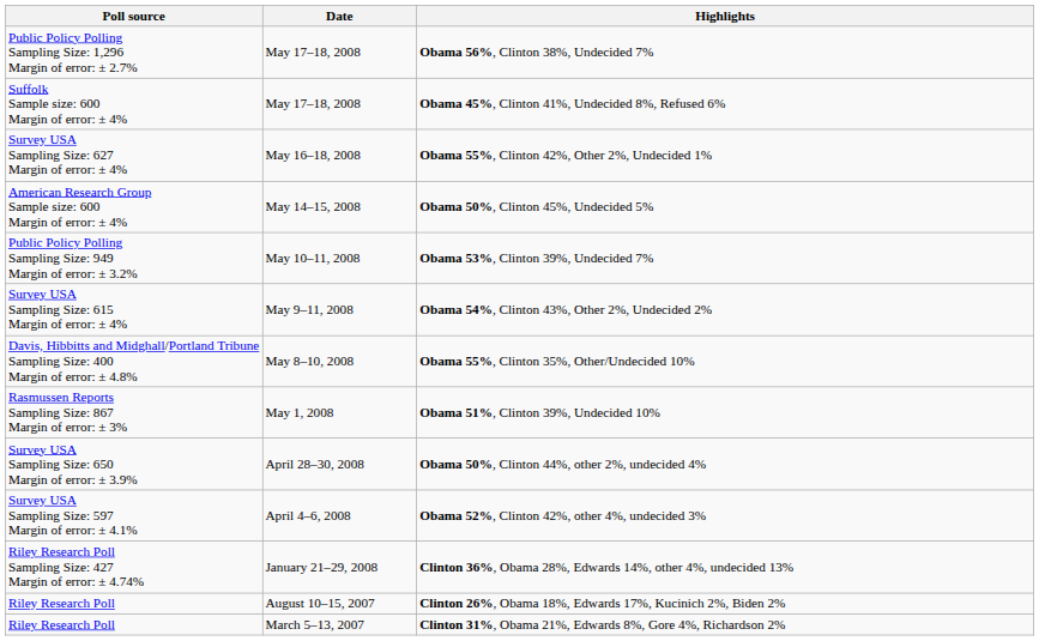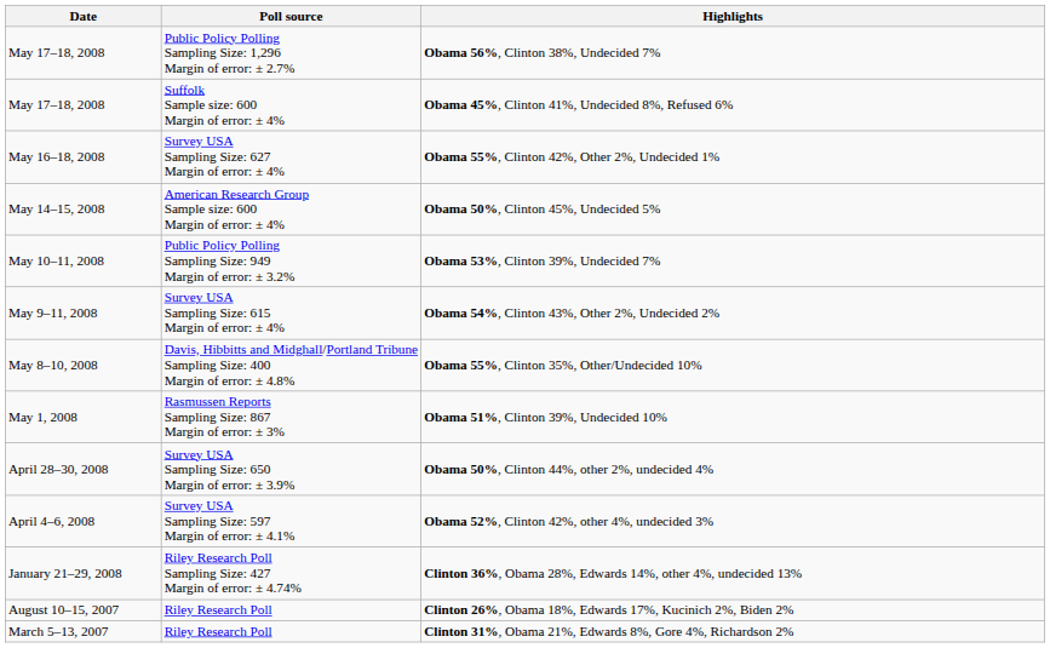 <table class="wikitable sortable">
 <tr>
+<th width="15%">Date</th>
 <th width="25%">Poll source</th>
-<th width="15%">Date</th>
 <th width="60%">Highlights</th>
 </tr>
 <tr>
+<td>May 17–18, 2008</td>
 <td><a href='#'>Public Policy Polling</a><br>Sampling Size: 1,296<br> Margin of error: ± 2.7%</td>
-<td>May 17–18, 2008</td>
 <td><strong>Obama 56%</strong>, Clinton 38%, Undecided 7%</td>
 </tr>
 <tr>
+<td>May 17–18, 2008</td>
 <td><a href='#'>Suffolk</a><br>Sample size: 600<br> Margin of error: ± 4%</td>
-<td>May 17–18, 2008</td>
 <td><strong>Obama 45%</strong>, Clinton 41%, Undecided 8%, Refused 6%</td>
 </tr>
 <tr>
+<td>May 16–18, 2008</td>
 <td><a href='#'>Survey USA</a><br>Sampling Size: 627<br> Margin of error: ± 4%</td>
-<td>May 16–18, 2008</td>
 <td><strong>Obama 55%</strong>, Clinton 42%, Other 2%, Undecided 1%</td>
 </tr>
 <tr>
+<td>May 14–15, 2008</td>
 <td><a href='#'>American Research Group</a><br>Sample size: 600<br> Margin of error: ± 4%</td>
-<td>May 14–15, 2008</td>
 <td><strong>Obama 50%</strong>, Clinton 45%, Undecided 5%</td>
 </tr>
 <tr>
+<td>May 10–11, 2008</td>
 <td><a href='#'>Public Policy Polling</a><br>Sampling Size: 949<br> Margin of error: ± 3.2%</td>
-<td>May 10–11, 2008</td>
 <td><strong>Obama 53%</strong>, Clinton 39%, Undecided 7%</td>
 </tr>
 <tr>
+<td>May 9–11, 2008</td>
 <td><a href='#'>Survey USA</a><br>Sampling Size: 615<br> Margin of error: ± 4%</td>
-<td>May 9–11, 2008</td>
 <td><strong>Obama 54%</strong>, Clinton 43%, Other 2%, Undecided 2%</td>
 </tr>
 <tr>
+<td>May 8–10, 2008</td>
 <td><a href='#'>Davis, Hibbitts and Midghall</a>/<a href='#'>Portland Tribune</a><br>Sampling Size: 400<br> Margin of error: ± 4.8%</td>
-<td>May 8–10, 2008</td>
 <td><strong>Obama 55%</strong>, Clinton 35%, Other/Undecided 10%</td>
 </tr>
 <tr>
+<td>May 1, 2008</td>
 <td><a href='#'>Rasmussen Reports</a><br>Sampling Size: 867<br> Margin of error: ± 3%</td>
-<td>May 1, 2008</td>
 <td><strong>Obama 51%</strong>, Clinton 39%, Undecided 10%</td>
 </tr>
 <tr>
+<td>April 28–30, 2008</td>
 <td><a href='#'>Survey USA</a><br>Sampling Size: 650<br> Margin of error: ± 3.9%</td>
-<td>April 28–30, 2008</td>
 <td><strong>Obama 50%</strong>, Clinton 44%, other 2%, undecided 4%</td>
 </tr>
 <tr>
+<td>April 4–6, 2008</td>
 <td><a href='#'>Survey USA</a><br>Sampling Size: 597<br> Margin of error: ± 4.1%</td>
-<td>April 4–6, 2008</td>
 <td><strong>Obama 52%</strong>, Clinton 42%, other 4%, undecided 3%</td>
 </tr>
 <tr>
+<td>January 21–29, 2008</td>
 <td><a href='#'>Riley Research Poll</a><br>Sampling Size: 427<br> Margin of error: ± 4.74%</td>
-<td>January 21–29, 2008</td>
 <td><strong>Clinton 36%</strong>, Obama 28%, Edwards 14%, other 4%, undecided 13%</td>
 </tr>
 <tr>
+<td>August 10–15, 2007</td>
 <td><a href='#'>Riley Research Poll</a></td>
-<td>August 10–15, 2007</td>
 <td><strong>Clinton 26%</strong>, Obama 18%, Edwards 17%, Kucinich 2%, Biden 2%</td>
 </tr>
 <tr>
+<td>March 5–13, 2007</td>
 <td><a href='#'>Riley Research Poll</a></td>
-<td>March 5–13, 2007</td>
 <td><strong>Clinton 31%</strong>, Obama 21%, Edwards 8%, Gore 4%, Richardson 2%</td>
 </tr>
 </table>
